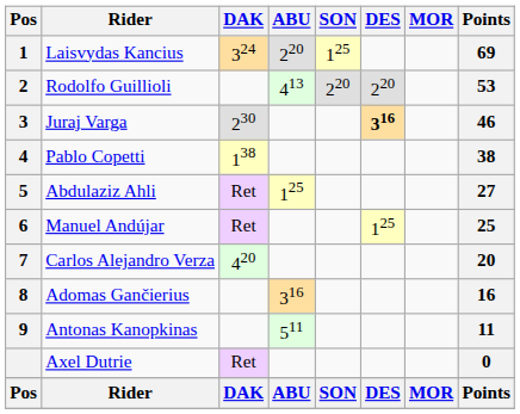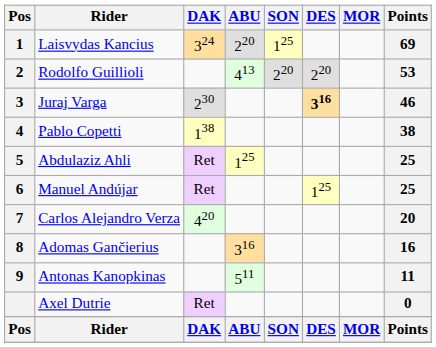 <table class="wikitable" style="font-size: 85%; text-align: center; display: inline-table;">
 <tr valign="top">
 <th valign="middle">Pos</th>
 <th valign="middle">Rider</th>
 <th><a href='#'>DAK</a><br></th>
 <th><a href='#'>ABU</a><br></th>
 <th><a href='#'>SON</a><br></th>
 <th><a href='#'>DES</a><br></th>
 <th><a href='#'>MOR</a><br></th>
 <th valign="middle">Points</th>
 </tr>
 <tr>
 <th>1</th>
 <td align=left> <a href='#'>Laisvydas Kancius</a></td>
 <td style="background:#ffdf9f;">3<sup>24</sup></td>
 <td style="background:#dfdfdf;">2<sup>20</sup></td>
 <td style="background:#ffffbf;">1<sup>25</sup></td>
 <td></td>
 <td></td>
 <th>69</th>
 </tr>
 <tr>
 <th>2</th>
 <td align=left> <a href='#'>Rodolfo Guillioli</a></td>
 <td></td>
 <td style="background:#dfffdf;">4<sup>13</sup></td>
 <td style="background:#dfdfdf;">2<sup>20</sup></td>
 <td style="background:#dfdfdf;">2<sup>20</sup></td>
 <td></td>
 <th>53</th>
 </tr>
 <tr>
 <th>3</th>
 <td align=left> <a href='#'>Juraj Varga</a></td>
 <td style="background:#dfdfdf;">2<sup>30</sup></td>
 <td></td>
 <td></td>
 <td style="background:#ffdf9f;"><strong>3<sup>16</sup></strong></td>
 <td></td>
 <th>46</th>
 </tr>
 <tr>
 <th>4</th>
 <td align=left> <a href='#'>Pablo Copetti</a></td>
 <td style="background:#ffffbf;">1<sup>38</sup></td>
 <td></td>
 <td></td>
 <td></td>
 <td></td>
 <th>38</th>
 </tr>
 <tr>
 <th>5</th>
 <td align=left> <a href='#'>Abdulaziz Ahli</a></td>
 <td style="background:#efcfff;">Ret</td>
 <td style="background:#ffffbf;">1<sup>25</sup></td>
 <td></td>
 <td></td>
 <td></td>
-<th>27</th>
+<th>25</th>
 </tr>
 <tr>
 <th>6</th>
 <td align=left> <a href='#'>Manuel Andújar</a></td>
 <td style="background:#efcfff;">Ret</td>
 <td></td>
 <td></td>
 <td style="background:#ffffbf;">1<sup>25</sup></td>
 <td></td>
 <th>25</th>
 </tr>
 <tr>
 <th>7</th>
 <td align=left> <a href='#'>Carlos Alejandro Verza</a></td>
 <td style="background:#dfffdf;">4<sup>20</sup></td>
 <td></td>
 <td></td>
 <td></td>
 <td></td>
 <th>20</th>
 </tr>
 <tr>
 <th>8</th>
 <td align=left> <a href='#'>Adomas Gančierius</a></td>
 <td></td>
 <td style="background:#ffdf9f;">3<sup>16</sup></td>
 <td></td>
 <td></td>
 <td></td>
 <th>16</th>
 </tr>
 <tr>
 <th>9</th>
 <td align=left> <a href='#'>Antonas Kanopkinas</a></td>
 <td></td>
 <td style="background:#dfffdf;">5<sup>11</sup></td>
 <td></td>
 <td></td>
 <td></td>
 <th>11</th>
 </tr>
 <tr>
 <th></th>
 <td align=left> <a href='#'>Axel Dutrie</a></td>
 <td style="background:#efcfff;">Ret</td>
 <td></td>
 <td></td>
 <td></td>
 <td></td>
 <th>0</th>
 </tr>
 <tr>
 </tr>
 <tr valign="top">
 <th valign="middle">Pos</th>
 <th valign="middle">Rider</th>
 <th><a href='#'>DAK</a><br></th>
 <th><a href='#'>ABU</a><br></th>
 <th><a href='#'>SON</a><br></th>
 <th><a href='#'>DES</a><br></th>
 <th><a href='#'>MOR</a><br></th>
 <th valign="middle">Points</th>
 </tr>
 <tr>
 </tr>
 </table>
